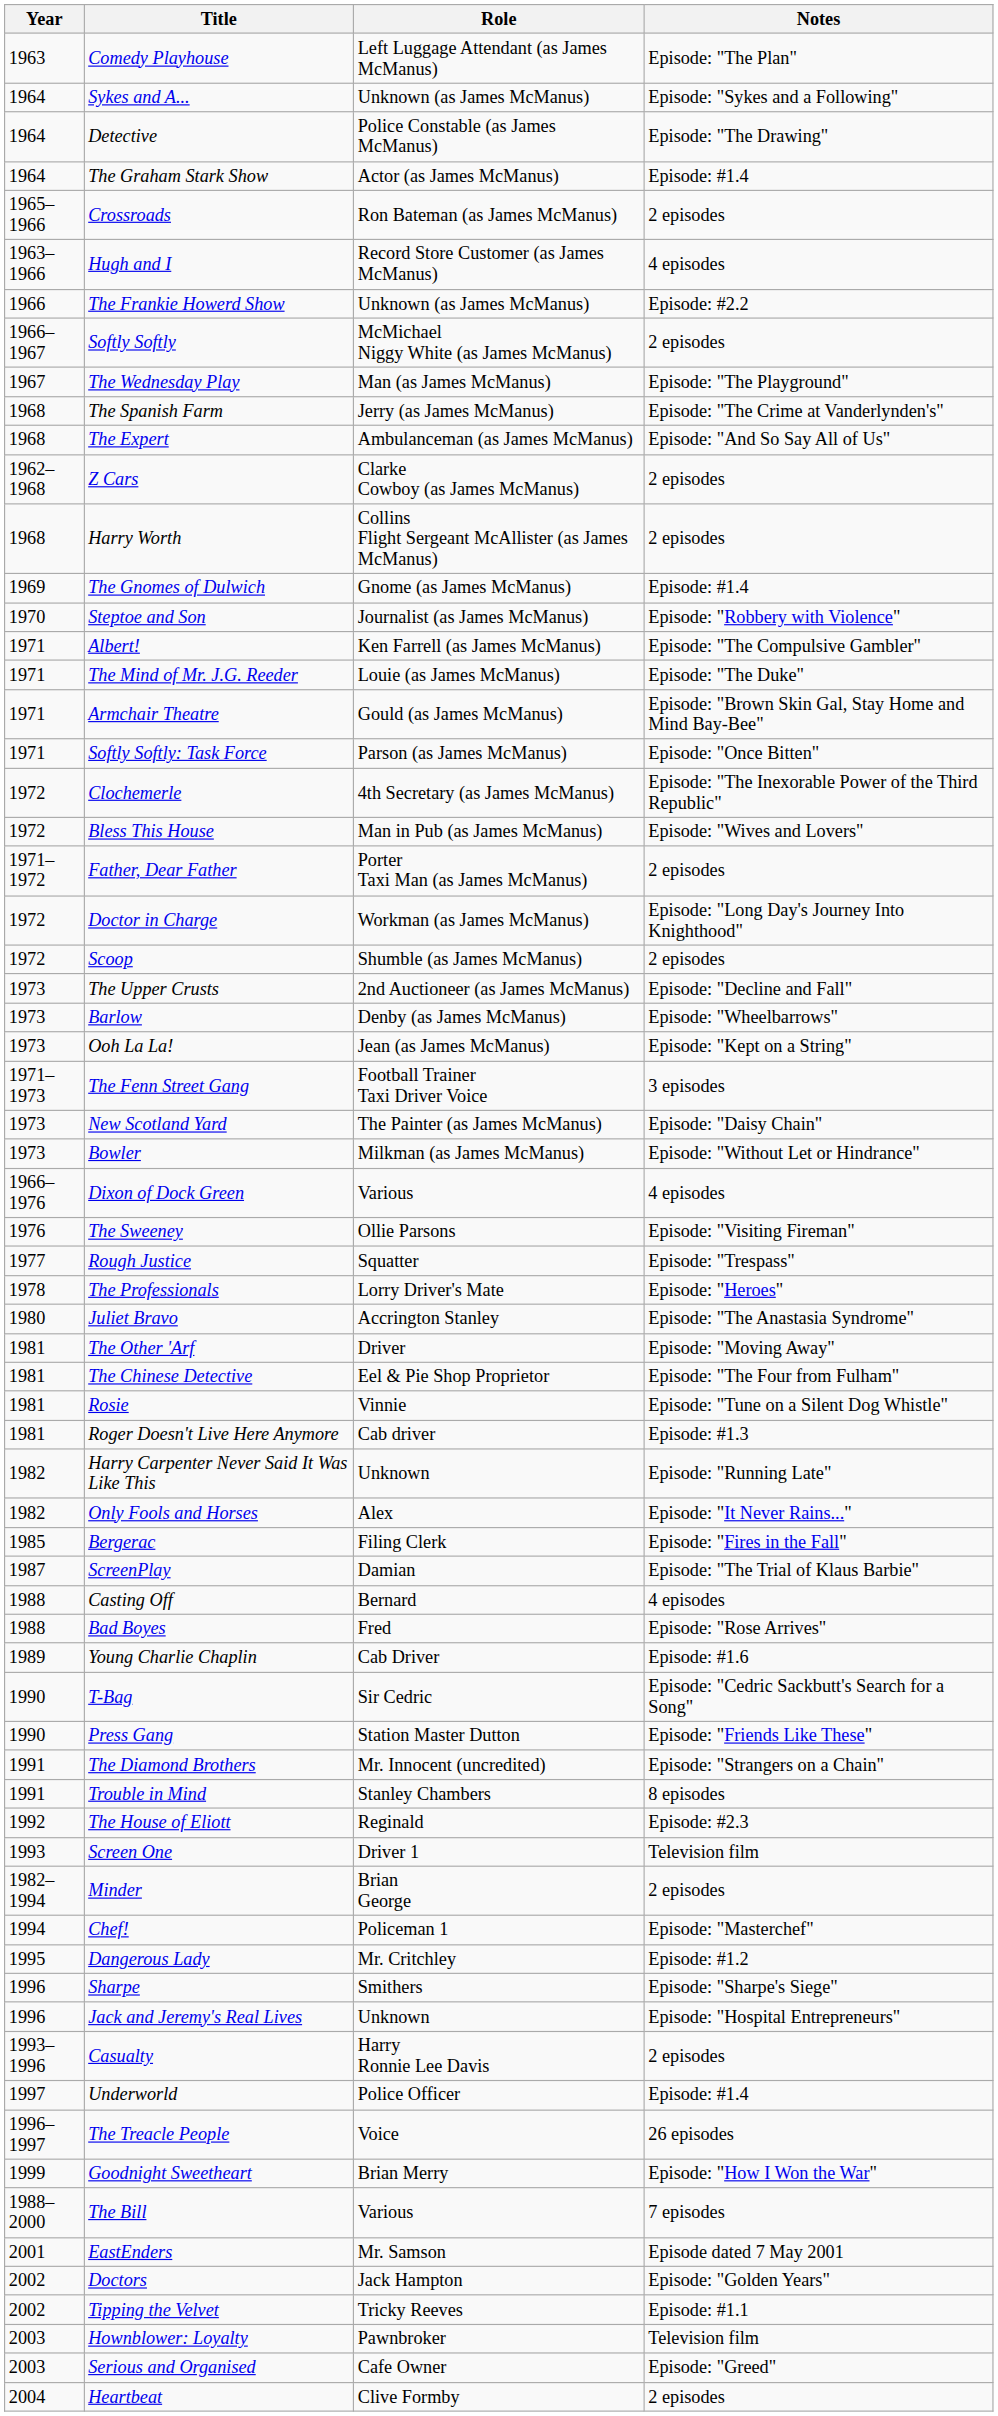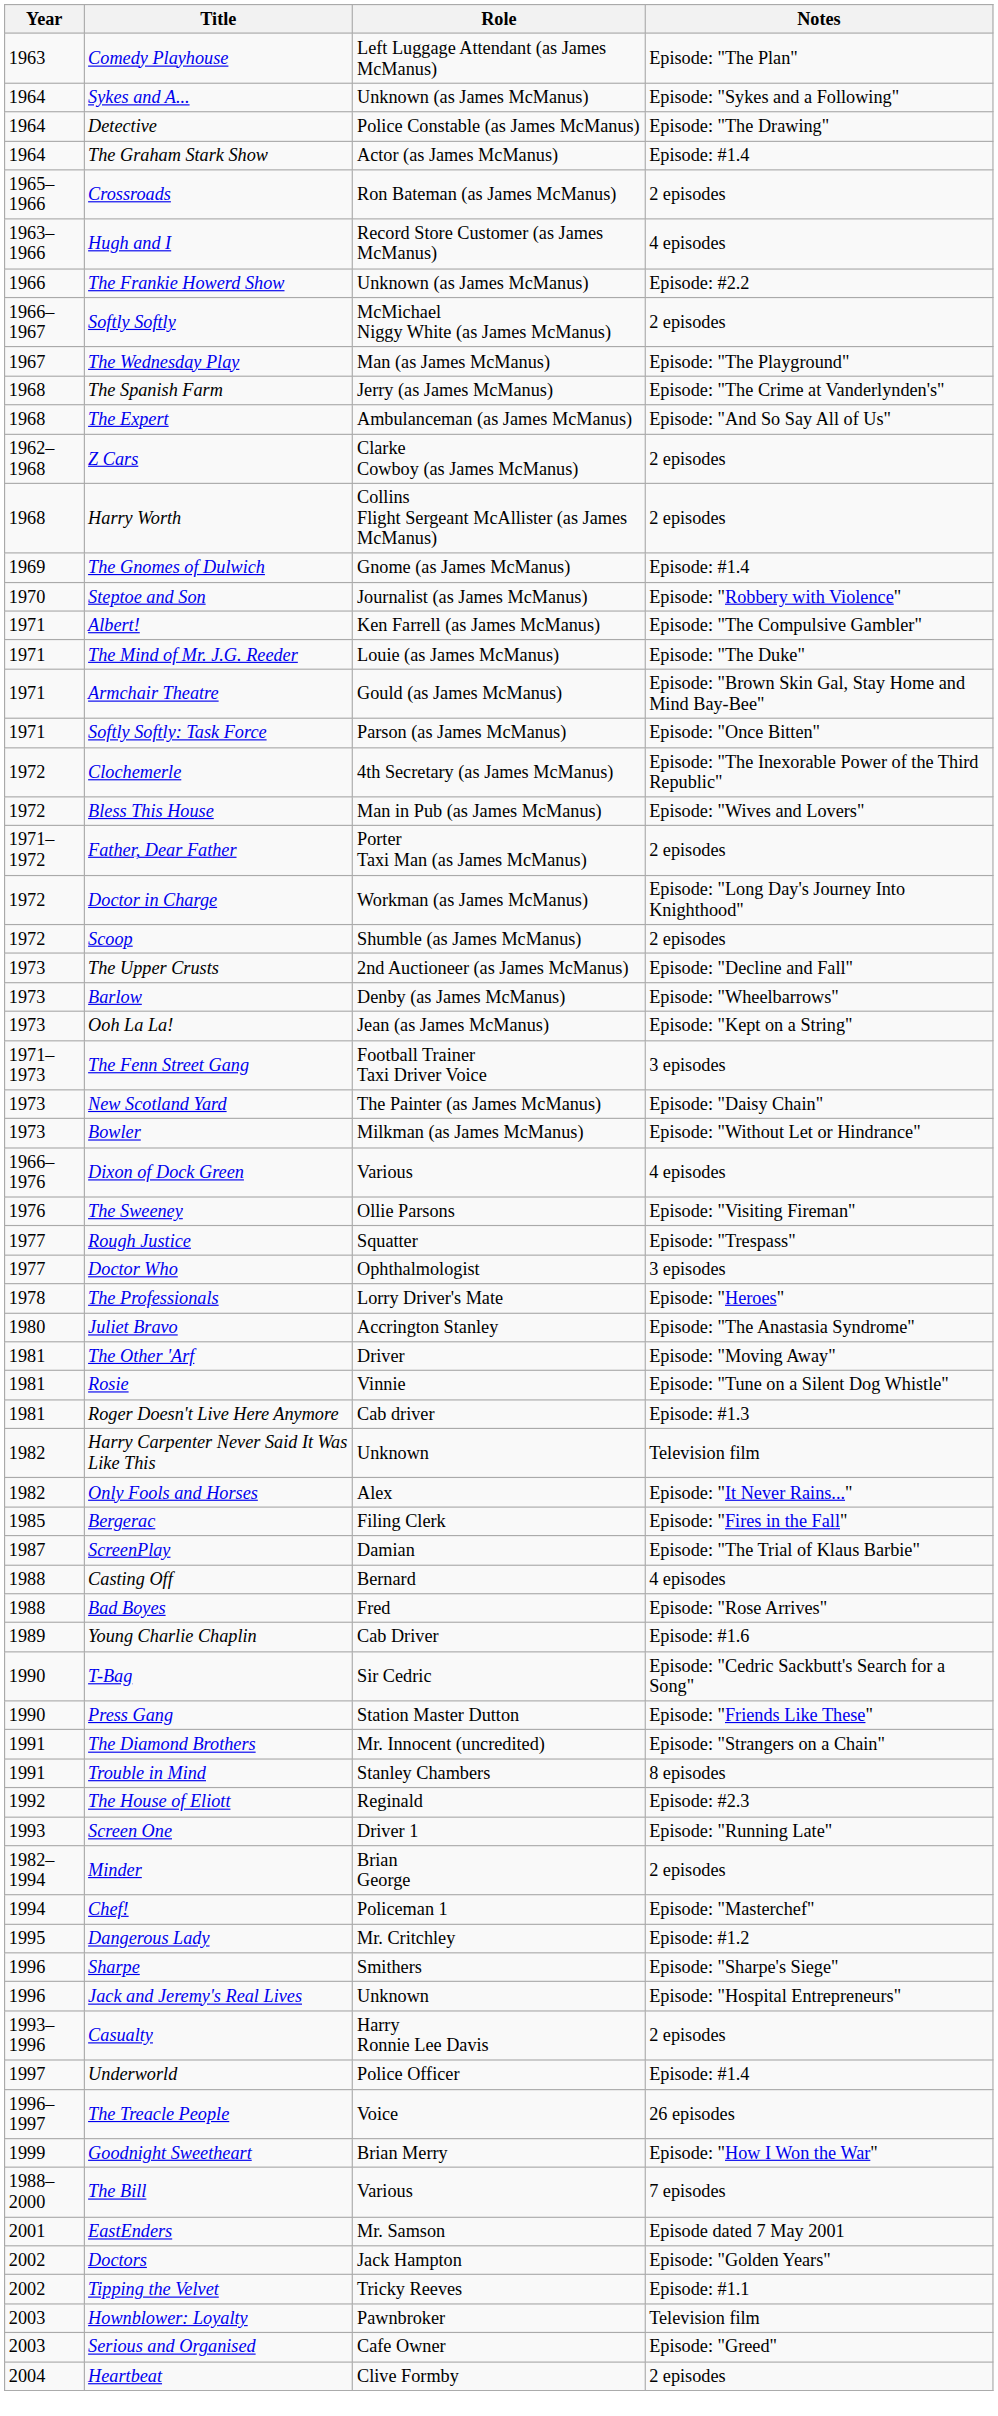 <table class="wikitable sortable">
 <tr>
 <th>Year</th>
 <th>Title</th>
 <th>Role</th>
 <th class="unsortable">Notes</th>
 </tr>
 <tr>
 <td>1963</td>
 <td><em><a href='#'>Comedy Playhouse</a></em></td>
 <td>Left Luggage Attendant (as James McManus)</td>
 <td>Episode: "The Plan"</td>
 </tr>
 <tr>
 <td>1964</td>
 <td><em><a href='#'>Sykes and A...</a></em></td>
 <td>Unknown (as James McManus)</td>
 <td>Episode: "Sykes and a Following"</td>
 </tr>
 <tr>
 <td>1964</td>
 <td><em>Detective</em></td>
 <td>Police Constable (as James McManus)</td>
 <td>Episode: "The Drawing"</td>
 </tr>
 <tr>
 <td>1964</td>
 <td><em>The Graham Stark Show</em></td>
 <td>Actor (as James McManus)</td>
 <td>Episode: #1.4</td>
 </tr>
 <tr>
 <td>1965–1966</td>
 <td><em><a href='#'>Crossroads</a></em></td>
 <td>Ron Bateman (as James McManus)</td>
 <td>2 episodes</td>
 </tr>
 <tr>
 <td>1963–1966</td>
 <td><em><a href='#'>Hugh and I</a></em></td>
 <td>Record Store Customer (as James McManus)</td>
 <td>4 episodes</td>
 </tr>
 <tr>
 <td>1966</td>
 <td><em><a href='#'>The Frankie Howerd Show</a></em></td>
 <td>Unknown (as James McManus)</td>
 <td>Episode: #2.2</td>
 </tr>
 <tr>
 <td>1966–1967</td>
 <td><em><a href='#'>Softly Softly</a></em></td>
 <td>McMichael<br>Niggy White (as James McManus)</td>
 <td>2 episodes</td>
 </tr>
 <tr>
 <td>1967</td>
 <td><em><a href='#'>The Wednesday Play</a></em></td>
 <td>Man (as James McManus)</td>
 <td>Episode: "The Playground"</td>
 </tr>
 <tr>
 <td>1968</td>
 <td><em>The Spanish Farm</em></td>
 <td>Jerry (as James McManus)</td>
 <td>Episode: "The Crime at Vanderlynden's"</td>
 </tr>
 <tr>
 <td>1968</td>
 <td><em><a href='#'>The Expert</a></em></td>
 <td>Ambulanceman (as James McManus)</td>
 <td>Episode: "And So Say All of Us"</td>
 </tr>
 <tr>
 <td>1962–1968</td>
 <td><em><a href='#'>Z Cars</a></em></td>
 <td>Clarke<br>Cowboy (as James McManus)</td>
 <td>2 episodes</td>
 </tr>
 <tr>
 <td>1968</td>
 <td><em>Harry Worth</em></td>
 <td>Collins<br>Flight Sergeant McAllister (as James McManus)</td>
 <td>2 episodes</td>
 </tr>
 <tr>
 <td>1969</td>
 <td><em><a href='#'>The Gnomes of Dulwich</a></em></td>
 <td>Gnome (as James McManus)</td>
 <td>Episode: #1.4</td>
 </tr>
 <tr>
 <td>1970</td>
 <td><em><a href='#'>Steptoe and Son</a></em></td>
 <td>Journalist (as James McManus)</td>
 <td>Episode: "<a href='#'>Robbery with Violence</a>"</td>
 </tr>
 <tr>
 <td>1971</td>
 <td><em><a href='#'>Albert!</a></em></td>
 <td>Ken Farrell (as James McManus)</td>
 <td>Episode: "The Compulsive Gambler"</td>
 </tr>
 <tr>
 <td>1971</td>
 <td><em><a href='#'>The Mind of Mr. J.G. Reeder</a></em></td>
 <td>Louie (as James McManus)</td>
 <td>Episode: "The Duke"</td>
 </tr>
 <tr>
 <td>1971</td>
 <td><em><a href='#'>Armchair Theatre</a></em></td>
 <td>Gould (as James McManus)</td>
 <td>Episode: "Brown Skin Gal, Stay Home and Mind Bay-Bee"</td>
 </tr>
 <tr>
 <td>1971</td>
 <td><em><a href='#'>Softly Softly: Task Force</a></em></td>
 <td>Parson (as James McManus)</td>
 <td>Episode: "Once Bitten"</td>
 </tr>
 <tr>
 <td>1972</td>
 <td><em><a href='#'>Clochemerle</a></em></td>
 <td>4th Secretary (as James McManus)</td>
 <td>Episode: "The Inexorable Power of the Third Republic"</td>
 </tr>
 <tr>
 <td>1972</td>
 <td><em><a href='#'>Bless This House</a></em></td>
 <td>Man in Pub (as James McManus)</td>
 <td>Episode: "Wives and Lovers"</td>
 </tr>
 <tr>
 <td>1971–1972</td>
 <td><em><a href='#'>Father, Dear Father</a></em></td>
 <td>Porter<br>Taxi Man (as James McManus)</td>
 <td>2 episodes</td>
 </tr>
 <tr>
 <td>1972</td>
 <td><em><a href='#'>Doctor in Charge</a></em></td>
 <td>Workman (as James McManus)</td>
 <td>Episode: "Long Day's Journey Into Knighthood"</td>
 </tr>
 <tr>
 <td>1972</td>
 <td><em><a href='#'>Scoop</a></em></td>
 <td>Shumble (as James McManus)</td>
 <td>2 episodes</td>
 </tr>
 <tr>
 <td>1973</td>
 <td><em>The Upper Crusts</em></td>
 <td>2nd Auctioneer (as James McManus)</td>
 <td>Episode: "Decline and Fall"</td>
 </tr>
 <tr>
 <td>1973</td>
 <td><em><a href='#'>Barlow</a></em></td>
 <td>Denby (as James McManus)</td>
 <td>Episode: "Wheelbarrows"</td>
 </tr>
 <tr>
 <td>1973</td>
 <td><em>Ooh La La!</em></td>
 <td>Jean (as James McManus)</td>
 <td>Episode: "Kept on a String"</td>
 </tr>
 <tr>
 <td>1971–1973</td>
 <td><em><a href='#'>The Fenn Street Gang</a></em></td>
 <td>Football Trainer<br>Taxi Driver Voice</td>
 <td>3 episodes</td>
 </tr>
 <tr>
 <td>1973</td>
 <td><em><a href='#'>New Scotland Yard</a></em></td>
 <td>The Painter (as James McManus)</td>
 <td>Episode: "Daisy Chain"</td>
 </tr>
 <tr>
 <td>1973</td>
 <td><em><a href='#'>Bowler</a></em></td>
 <td>Milkman (as James McManus)</td>
 <td>Episode: "Without Let or Hindrance"</td>
 </tr>
 <tr>
 <td>1966–1976</td>
 <td><em><a href='#'>Dixon of Dock Green</a></em></td>
 <td>Various</td>
 <td>4 episodes</td>
 </tr>
 <tr>
 <td>1976</td>
 <td><em><a href='#'>The Sweeney</a></em></td>
 <td>Ollie Parsons</td>
 <td>Episode: "Visiting Fireman"</td>
 </tr>
 <tr>
 <td>1977</td>
 <td><em><a href='#'>Rough Justice</a></em></td>
 <td>Squatter</td>
 <td>Episode: "Trespass"</td>
 </tr>
 <tr>
+<td>1977</td>
+<td><em><a href='#'>Doctor Who</a></em></td>
+<td>Ophthalmologist</td>
+<td>3 episodes</td>
+</tr>
+<tr>
 <td>1978</td>
 <td><em><a href='#'>The Professionals</a></em></td>
 <td>Lorry Driver's Mate</td>
 <td>Episode: "<a href='#'>Heroes</a>"</td>
 </tr>
 <tr>
 <td>1980</td>
 <td><em><a href='#'>Juliet Bravo</a></em></td>
 <td>Accrington Stanley</td>
 <td>Episode: "The Anastasia Syndrome"</td>
 </tr>
 <tr>
 <td>1981</td>
 <td><em><a href='#'>The Other 'Arf</a></em></td>
 <td>Driver</td>
 <td>Episode: "Moving Away"</td>
 </tr>
 <tr>
 <td>1981</td>
-<td><em><a href='#'>The Chinese Detective</a></em></td>
-<td>Eel & Pie Shop Proprietor</td>
-<td>Episode: "The Four from Fulham"</td>
-</tr>
-<tr>
-<td>1981</td>
 <td><em><a href='#'>Rosie</a></em></td>
 <td>Vinnie</td>
 <td>Episode: "Tune on a Silent Dog Whistle"</td>
 </tr>
 <tr>
 <td>1981</td>
 <td><em>Roger Doesn't Live Here Anymore</em></td>
 <td>Cab driver</td>
 <td>Episode: #1.3</td>
 </tr>
 <tr>
 <td>1982</td>
 <td><em>Harry Carpenter Never Said It Was Like This</em></td>
 <td>Unknown</td>
-<td>Episode: "Running Late"</td>
+<td>Television film</td>
 </tr>
 <tr>
 <td>1982</td>
 <td><em><a href='#'>Only Fools and Horses</a></em></td>
 <td>Alex</td>
 <td>Episode: "<a href='#'>It Never Rains...</a>"</td>
 </tr>
 <tr>
 <td>1985</td>
 <td><em><a href='#'>Bergerac</a></em></td>
 <td>Filing Clerk</td>
 <td>Episode: "<a href='#'>Fires in the Fall</a>"</td>
 </tr>
 <tr>
 <td>1987</td>
 <td><em><a href='#'>ScreenPlay</a></em></td>
 <td>Damian</td>
 <td>Episode: "The Trial of Klaus Barbie"</td>
 </tr>
 <tr>
 <td>1988</td>
 <td><em>Casting Off</em></td>
 <td>Bernard</td>
 <td>4 episodes</td>
 </tr>
 <tr>
 <td>1988</td>
 <td><em><a href='#'>Bad Boyes</a></em></td>
 <td>Fred</td>
 <td>Episode: "Rose Arrives"</td>
 </tr>
 <tr>
 <td>1989</td>
 <td><em>Young Charlie Chaplin</em></td>
 <td>Cab Driver</td>
 <td>Episode: #1.6</td>
 </tr>
 <tr>
 <td>1990</td>
 <td><em><a href='#'>T-Bag</a></em></td>
 <td>Sir Cedric</td>
 <td>Episode: "Cedric Sackbutt's Search for a Song"</td>
 </tr>
 <tr>
 <td>1990</td>
 <td><em><a href='#'>Press Gang</a></em></td>
 <td>Station Master Dutton</td>
 <td>Episode: "<a href='#'>Friends Like These</a>"</td>
 </tr>
 <tr>
 <td>1991</td>
 <td><em><a href='#'>The Diamond Brothers</a></em></td>
 <td>Mr. Innocent (uncredited)</td>
 <td>Episode: "Strangers on a Chain"</td>
 </tr>
 <tr>
 <td>1991</td>
 <td><em><a href='#'>Trouble in Mind</a></em></td>
 <td>Stanley Chambers</td>
 <td>8 episodes</td>
 </tr>
 <tr>
 <td>1992</td>
 <td><em><a href='#'>The House of Eliott</a></em></td>
 <td>Reginald</td>
 <td>Episode: #2.3</td>
 </tr>
 <tr>
 <td>1993</td>
 <td><em><a href='#'>Screen One</a></em></td>
 <td>Driver 1</td>
-<td>Television film</td>
+<td>Episode: "Running Late"</td>
 </tr>
 <tr>
 <td>1982–1994</td>
 <td><em><a href='#'>Minder</a></em></td>
 <td>Brian<br>George</td>
 <td>2 episodes</td>
 </tr>
 <tr>
 <td>1994</td>
 <td><em><a href='#'>Chef!</a></em></td>
 <td>Policeman 1</td>
 <td>Episode: "Masterchef"</td>
 </tr>
 <tr>
 <td>1995</td>
 <td><em><a href='#'>Dangerous Lady</a></em></td>
 <td>Mr. Critchley</td>
 <td>Episode: #1.2</td>
 </tr>
 <tr>
 <td>1996</td>
 <td><em><a href='#'>Sharpe</a></em></td>
 <td>Smithers</td>
 <td>Episode: "Sharpe's Siege"</td>
 </tr>
 <tr>
 <td>1996</td>
 <td><em><a href='#'>Jack and Jeremy's Real Lives</a></em></td>
 <td>Unknown</td>
 <td>Episode: "Hospital Entrepreneurs"</td>
 </tr>
 <tr>
 <td>1993–1996</td>
 <td><em><a href='#'>Casualty</a></em></td>
 <td>Harry<br>Ronnie Lee Davis</td>
 <td>2 episodes</td>
 </tr>
 <tr>
 <td>1997</td>
 <td><em>Underworld</em></td>
 <td>Police Officer</td>
 <td>Episode: #1.4</td>
 </tr>
 <tr>
 <td>1996–1997</td>
 <td><em><a href='#'>The Treacle People</a></em></td>
 <td>Voice</td>
 <td>26 episodes</td>
 </tr>
 <tr>
 <td>1999</td>
 <td><em><a href='#'>Goodnight Sweetheart</a></em></td>
 <td>Brian Merry</td>
 <td>Episode: "<a href='#'>How I Won the War</a>"</td>
 </tr>
 <tr>
 <td>1988–2000</td>
 <td><em><a href='#'>The Bill</a></em></td>
 <td>Various</td>
 <td>7 episodes</td>
 </tr>
 <tr>
 <td>2001</td>
 <td><em><a href='#'>EastEnders</a></em></td>
 <td>Mr. Samson</td>
 <td>Episode dated 7 May 2001</td>
 </tr>
 <tr>
 <td>2002</td>
 <td><em><a href='#'>Doctors</a></em></td>
 <td>Jack Hampton</td>
 <td>Episode: "Golden Years"</td>
 </tr>
 <tr>
 <td>2002</td>
 <td><em><a href='#'>Tipping the Velvet</a></em></td>
 <td>Tricky Reeves</td>
 <td>Episode: #1.1</td>
 </tr>
 <tr>
 <td>2003</td>
 <td><em><a href='#'>Hownblower: Loyalty</a></em></td>
 <td>Pawnbroker</td>
 <td>Television film</td>
 </tr>
 <tr>
 <td>2003</td>
 <td><em><a href='#'>Serious and Organised</a></em></td>
 <td>Cafe Owner</td>
 <td>Episode: "Greed"</td>
 </tr>
 <tr>
 <td>2004</td>
 <td><em><a href='#'>Heartbeat</a></em></td>
 <td>Clive Formby</td>
 <td>2 episodes</td>
 </tr>
 </table>
